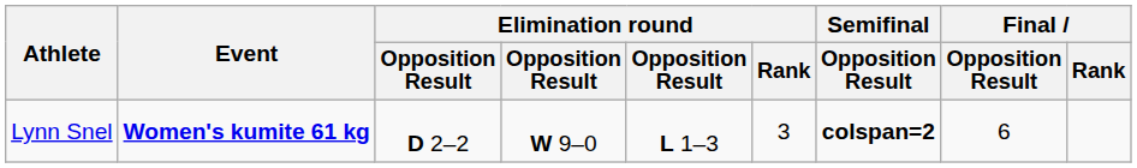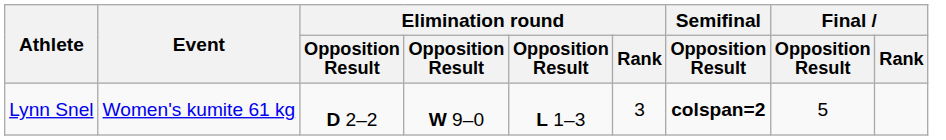 <table class=wikitable style=font-size:90%;text-align:center>
 <tr>
 <th rowspan=2>Athlete</th>
 <th rowspan=2>Event</th>
 <th colspan=4>Elimination round</th>
 <th>Semifinal</th>
 <th colspan=2>Final / </th>
 </tr>
 <tr style=font-size:95%>
 <th>Opposition<br>Result</th>
 <th>Opposition<br>Result</th>
 <th>Opposition<br>Result</th>
 <th>Rank</th>
 <th>Opposition<br>Result</th>
 <th>Opposition<br>Result</th>
 <th>Rank</th>
 </tr>
 <tr>
 <td align=left><a href='#'>Lynn Snel</a></td>
-<td align=left><strong><a href='#'>Women's kumite 61 kg</a></strong></td>
+<td align=left><a href='#'>Women's kumite 61 kg</a></td>
 <td><br><strong>D</strong> 2–2</td>
 <td><br><strong>W</strong> 9–0</td>
 <td><br><strong>L</strong> 1–3</td>
 <td>3</td>
 <td><strong>colspan=2 </strong></td>
-<td>6</td>
+<td>5</td>
 </tr>
 </table>
